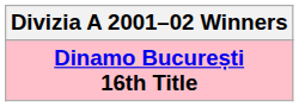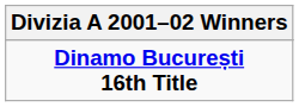 <table class="wikitable" style="text-align: center; margin: 0 auto;">
 <tr>
 <th>Divizia A 2001–02 Winners</th>
 </tr>
 <tr>
 </tr>
 <tr>
-<td style="background: pink;"><strong><a href='#'>Dinamo București</a></strong><br><strong>16th Title</strong></td>
+<td><strong><a href='#'>Dinamo București</a></strong><br><strong>16th Title</strong></td>
 </tr>
 </table>
